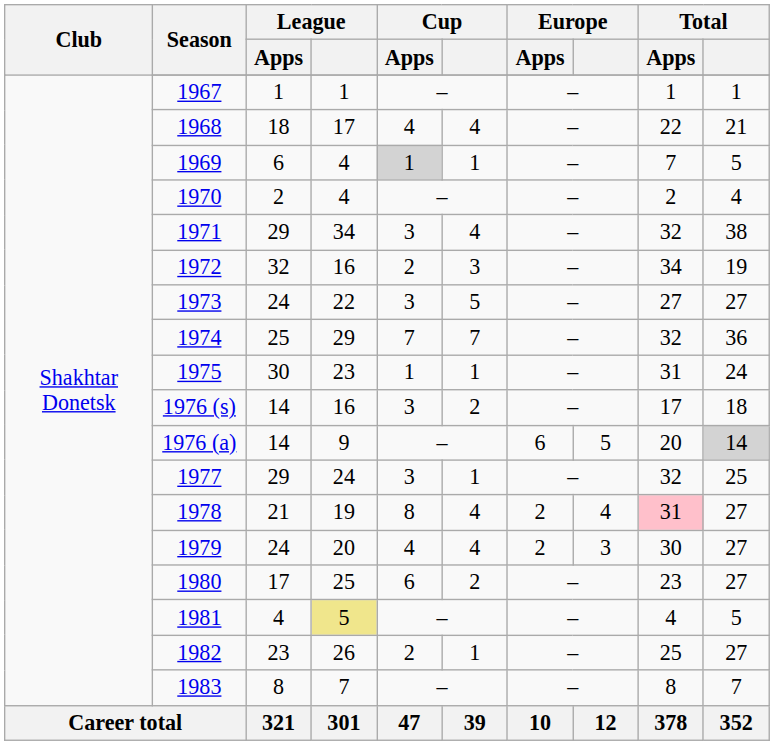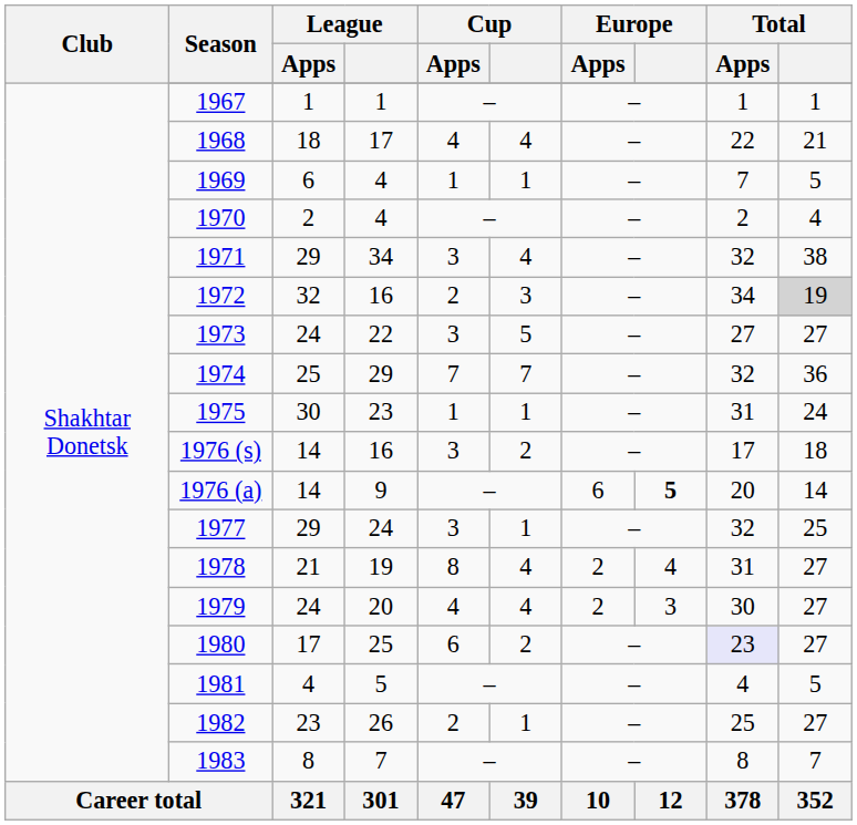 <table class="wikitable" style="text-align:center">
 <tr>
 <th rowspan="2" width="100">Club</th>
 <th rowspan="2" width="60">Season</th>
 <th colspan="2">League</th>
 <th colspan="2">Cup</th>
 <th colspan="2">Europe</th>
 <th colspan="2">Total</th>
 </tr>
 <tr>
 <th width="40">Apps</th>
 <th width="40"></th>
 <th width="40">Apps</th>
 <th width="40"></th>
 <th width="40">Apps</th>
 <th width="40"></th>
 <th width="40">Apps</th>
 <th width="40"></th>
 </tr>
 <tr>
 <td rowspan="19"><a href='#'>Shakhtar Donetsk</a></td>
 </tr>
 <tr>
 <td><a href='#'>1967</a></td>
 <td>1</td>
 <td>1</td>
 <td colspan="2">–</td>
 <td colspan="2">–</td>
 <td>1</td>
 <td>1</td>
 </tr>
 <tr>
 <td><a href='#'>1968</a></td>
 <td>18</td>
 <td>17</td>
 <td>4</td>
 <td>4</td>
 <td colspan="2">–</td>
 <td>22</td>
 <td>21</td>
 </tr>
 <tr>
 <td><a href='#'>1969</a></td>
 <td>6</td>
 <td>4</td>
-<td style="background: lightgrey;">1</td>
+<td>1</td>
 <td>1</td>
 <td colspan="2">–</td>
 <td>7</td>
 <td>5</td>
 </tr>
 <tr>
 <td><a href='#'>1970</a></td>
 <td>2</td>
 <td>4</td>
 <td colspan="2">–</td>
 <td colspan="2">–</td>
 <td>2</td>
 <td>4</td>
 </tr>
 <tr>
 <td><a href='#'>1971</a></td>
 <td>29</td>
 <td>34</td>
 <td>3</td>
 <td>4</td>
 <td colspan="2">–</td>
 <td>32</td>
 <td>38</td>
 </tr>
 <tr>
 <td><a href='#'>1972</a></td>
 <td>32</td>
 <td>16</td>
 <td>2</td>
 <td>3</td>
 <td colspan="2">–</td>
 <td>34</td>
-<td>19</td>
+<td style="background: lightgrey;">19</td>
 </tr>
 <tr>
 <td><a href='#'>1973</a></td>
 <td>24</td>
 <td>22</td>
 <td>3</td>
 <td>5</td>
 <td colspan="2">–</td>
 <td>27</td>
 <td>27</td>
 </tr>
 <tr>
 <td><a href='#'>1974</a></td>
 <td>25</td>
 <td>29</td>
 <td>7</td>
 <td>7</td>
 <td colspan="2">–</td>
 <td>32</td>
 <td>36</td>
 </tr>
 <tr>
 <td><a href='#'>1975</a></td>
 <td>30</td>
 <td>23</td>
 <td>1</td>
 <td>1</td>
 <td colspan="2">–</td>
 <td>31</td>
 <td>24</td>
 </tr>
 <tr>
 <td><a href='#'>1976 (s)</a></td>
 <td>14</td>
 <td>16</td>
 <td>3</td>
 <td>2</td>
 <td colspan="2">–</td>
 <td>17</td>
 <td>18</td>
 </tr>
 <tr>
 <td><a href='#'>1976 (a)</a></td>
 <td>14</td>
 <td>9</td>
 <td colspan="2">–</td>
 <td>6</td>
-<td>5</td>
+<td><strong>5</strong></td>
 <td>20</td>
-<td style="background: lightgrey;">14</td>
+<td>14</td>
 </tr>
 <tr>
 <td><a href='#'>1977</a></td>
 <td>29</td>
 <td>24</td>
 <td>3</td>
 <td>1</td>
 <td colspan="2">–</td>
 <td>32</td>
 <td>25</td>
 </tr>
 <tr>
 <td><a href='#'>1978</a></td>
 <td>21</td>
 <td>19</td>
 <td>8</td>
 <td>4</td>
 <td>2</td>
 <td>4</td>
-<td style="background: pink;">31</td>
+<td>31</td>
 <td>27</td>
 </tr>
 <tr>
 <td><a href='#'>1979</a></td>
 <td>24</td>
 <td>20</td>
 <td>4</td>
 <td>4</td>
 <td>2</td>
 <td>3</td>
 <td>30</td>
 <td>27</td>
 </tr>
 <tr>
 <td><a href='#'>1980</a></td>
 <td>17</td>
 <td>25</td>
 <td>6</td>
 <td>2</td>
 <td colspan="2">–</td>
-<td>23</td>
+<td style="background: lavender;">23</td>
 <td>27</td>
 </tr>
 <tr>
 <td><a href='#'>1981</a></td>
 <td>4</td>
-<td style="background: khaki;">5</td>
+<td>5</td>
 <td colspan="2">–</td>
 <td colspan="2">–</td>
 <td>4</td>
 <td>5</td>
 </tr>
 <tr>
 <td><a href='#'>1982</a></td>
 <td>23</td>
 <td>26</td>
 <td>2</td>
 <td>1</td>
 <td colspan="2">–</td>
 <td>25</td>
 <td>27</td>
 </tr>
 <tr>
 <td><a href='#'>1983</a></td>
 <td>8</td>
 <td>7</td>
 <td colspan="2">–</td>
 <td colspan="2">–</td>
 <td>8</td>
 <td>7</td>
 </tr>
 <tr>
 <th colspan="2">Career total</th>
 <th>321</th>
 <th>301</th>
 <th>47</th>
 <th>39</th>
 <th>10</th>
 <th>12</th>
 <th>378</th>
 <th>352</th>
 </tr>
 </table>
